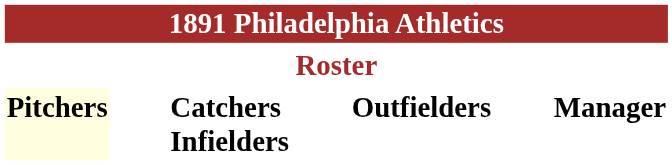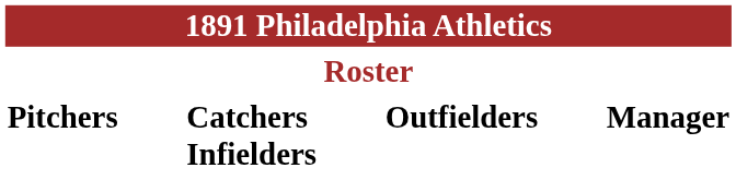 <table class="toccolours" style="font-size: 95%;">
 <tr>
 <th colspan="10" style="background-color: brown; color: white; text-align: center;">1891 Philadelphia Athletics</th>
 </tr>
 <tr>
 <td colspan="10" style="background-color: white; color: brown; text-align: center;"><strong>Roster</strong></td>
 </tr>
 <tr>
-<td valign="top" style="background: lightyellow;"><strong>Pitchers</strong><br>     </td>
+<td valign="top"><strong>Pitchers</strong><br>     </td>
 <td width="25px"></td>
 <td valign="top"><strong>Catchers</strong><br>  <strong>Infielders</strong>     </td>
 <td width="25px"></td>
 <td valign="top"><strong>Outfielders</strong><br>        </td>
 <td width="25px"></td>
 <td valign="top"><strong>Manager</strong><br> </td>
 </tr>
 </table>
